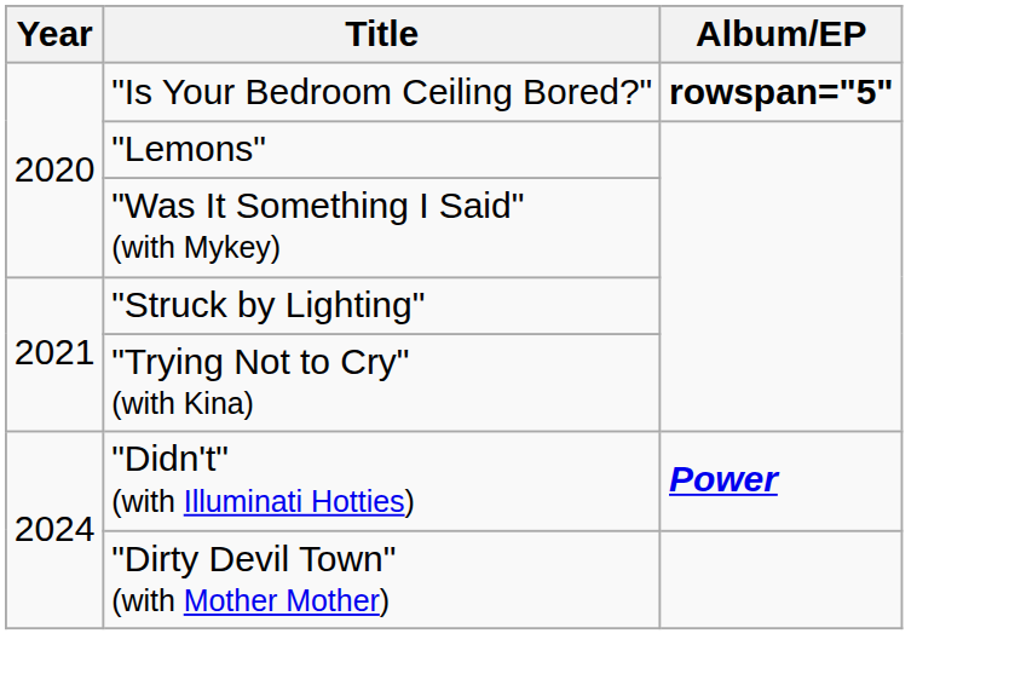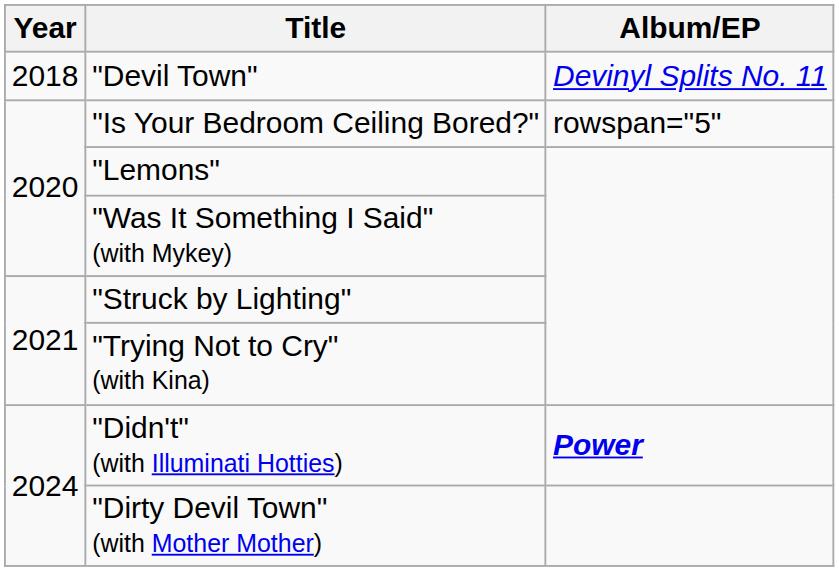 <table class="wikitable">
 <tr>
 <th>Year</th>
 <th>Title</th>
 <th>Album/EP</th>
 </tr>
 <tr>
+<td>2018</td>
+<td>"Devil Town"<br></td>
+<td><em><a href='#'>Devinyl Splits No. 11</a></em></td>
+</tr>
+<tr>
 <td rowspan="3">2020</td>
 <td>"Is Your Bedroom Ceiling Bored?"<br></td>
-<td><strong>rowspan="5" </strong></td>
+<td>rowspan="5" </td>
 </tr>
 <tr>
 <td>"Lemons"<br></td>
 </tr>
 <tr>
 <td>"Was It Something I Said"<br><small>(with Mykey)</small></td>
 </tr>
 <tr>
 <td rowspan="2">2021</td>
 <td>"Struck by Lighting"<br></td>
 </tr>
 <tr>
 <td>"Trying Not to Cry"<br><small>(with Kina)</small></td>
 </tr>
 <tr>
 <td rowspan="2">2024</td>
 <td>"Didn't"<br><small>(with <a href='#'>Illuminati Hotties</a>)</small></td>
 <td><strong><em><a href='#'>Power</a></em></strong></td>
 </tr>
 <tr>
 <td>"Dirty Devil Town"<br><small>(with <a href='#'>Mother Mother</a>)</small></td>
 <td></td>
 </tr>
 </table>
